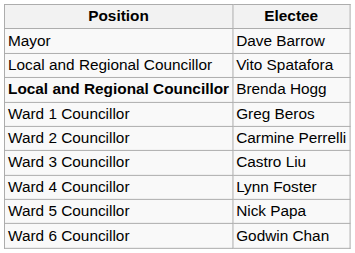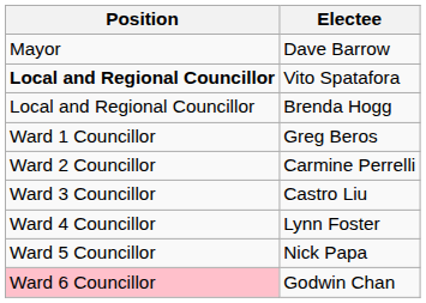 <table class="wikitable">
 <tr>
 <th>Position</th>
 <th>Electee</th>
 </tr>
 <tr>
 <td>Mayor</td>
 <td>Dave Barrow</td>
 </tr>
 <tr>
-<td>Local and Regional Councillor</td>
+<td><strong>Local and Regional Councillor</strong></td>
 <td>Vito Spatafora</td>
 </tr>
 <tr>
-<td><strong>Local and Regional Councillor</strong></td>
+<td>Local and Regional Councillor</td>
 <td>Brenda Hogg</td>
 </tr>
 <tr>
 <td>Ward 1 Councillor</td>
 <td>Greg Beros</td>
 </tr>
 <tr>
 <td>Ward 2 Councillor</td>
 <td>Carmine Perrelli</td>
 </tr>
 <tr>
 <td>Ward 3 Councillor</td>
 <td>Castro Liu</td>
 </tr>
 <tr>
 <td>Ward 4 Councillor</td>
 <td>Lynn Foster</td>
 </tr>
 <tr>
 <td>Ward 5 Councillor</td>
 <td>Nick Papa</td>
 </tr>
 <tr>
-<td>Ward 6 Councillor</td>
+<td style="background: pink;">Ward 6 Councillor</td>
 <td>Godwin Chan</td>
 </tr>
 </table>
